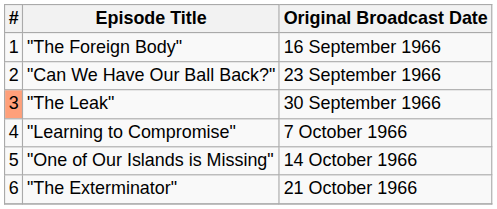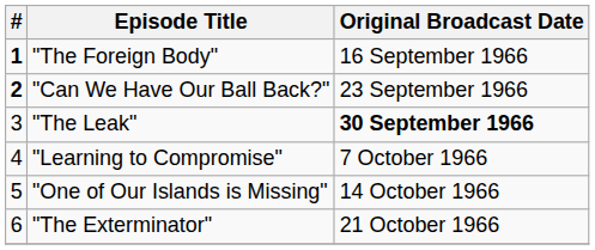 <table class="wikitable">
 <tr>
 <th>#</th>
 <th>Episode Title</th>
 <th>Original Broadcast Date</th>
 </tr>
 <tr>
-<td>1</td>
+<td><strong>1</strong></td>
 <td>"The Foreign Body"</td>
 <td>16 September 1966</td>
 </tr>
 <tr>
-<td>2</td>
+<td><strong>2</strong></td>
 <td>"Can We Have Our Ball Back?"</td>
 <td>23 September 1966</td>
 </tr>
 <tr>
-<td style="background: lightsalmon;">3</td>
+<td>3</td>
 <td>"The Leak"</td>
-<td>30 September 1966</td>
+<td><strong>30 September 1966</strong></td>
 </tr>
 <tr>
 <td>4</td>
 <td>"Learning to Compromise"</td>
 <td>7 October 1966</td>
 </tr>
 <tr>
 <td>5</td>
 <td>"One of Our Islands is Missing"</td>
 <td>14 October 1966</td>
 </tr>
 <tr>
 <td>6</td>
 <td>"The Exterminator"</td>
 <td>21 October 1966</td>
 </tr>
 <tr>
 </tr>
 </table>
